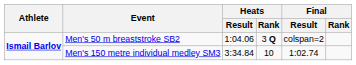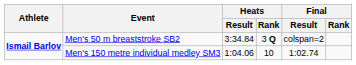 <table class=wikitable style="font-size:90%">
 <tr>
 <th rowspan=2>Athlete</th>
 <th rowspan=2>Event</th>
 <th colspan=2>Heats</th>
 <th colspan=2>Final</th>
 </tr>
 <tr>
 <th>Result</th>
 <th>Rank</th>
 <th>Result</th>
 <th>Rank</th>
 </tr>
 <tr align=center>
 <td align=left rowspan=2><strong><a href='#'>Ismail Barlov</a></strong></td>
 <td align=left><a href='#'>Men's 50 m breaststroke SB2</a></td>
-<td>1:04.06</td>
+<td>3:34.84</td>
 <td>3 <strong>Q</strong></td>
 <td>colspan=2 </td>
 <td></td>
 </tr>
 <tr align=center>
 <td align=left><a href='#'>Men's 150 metre individual medley SM3</a></td>
-<td>3:34.84</td>
+<td>1:04.06</td>
 <td>10</td>
 <td>1:02.74</td>
 </tr>
 </table>
